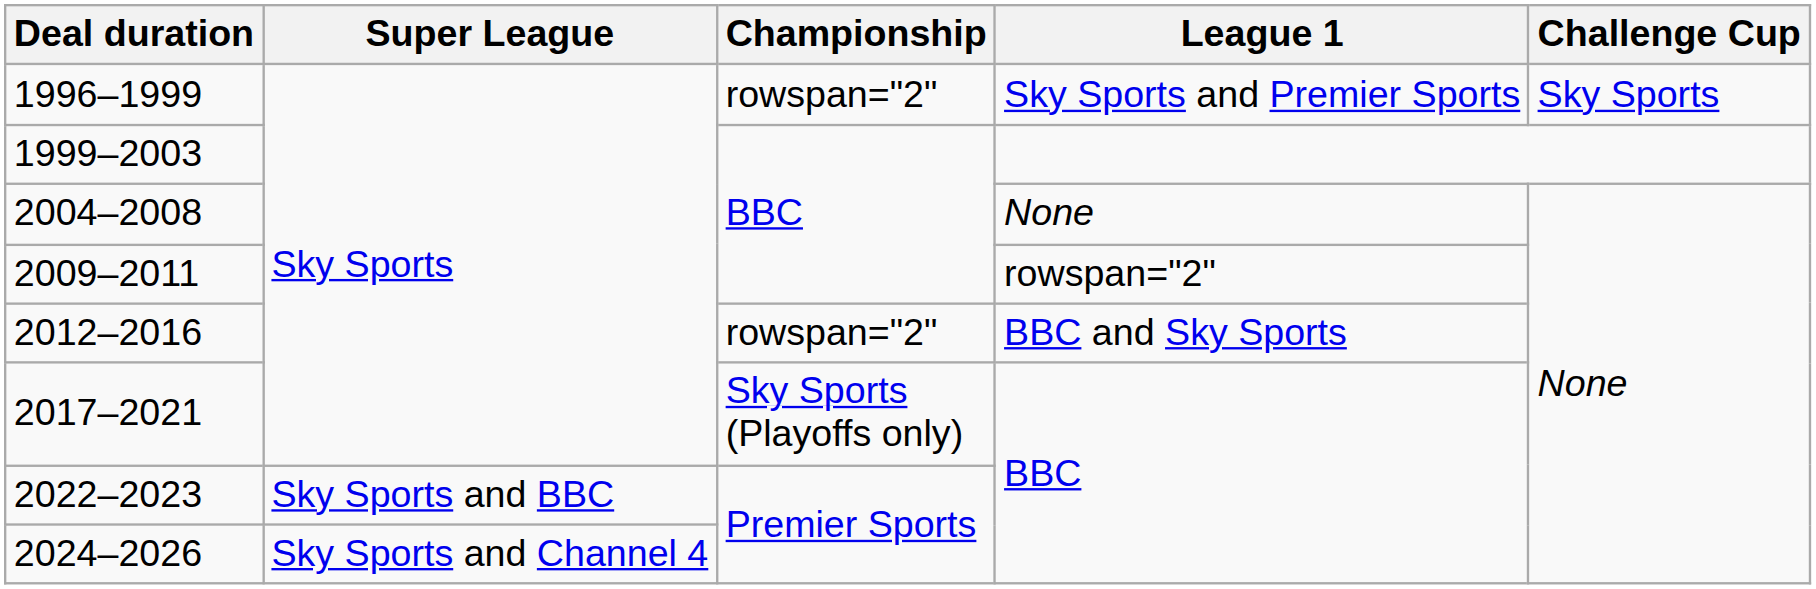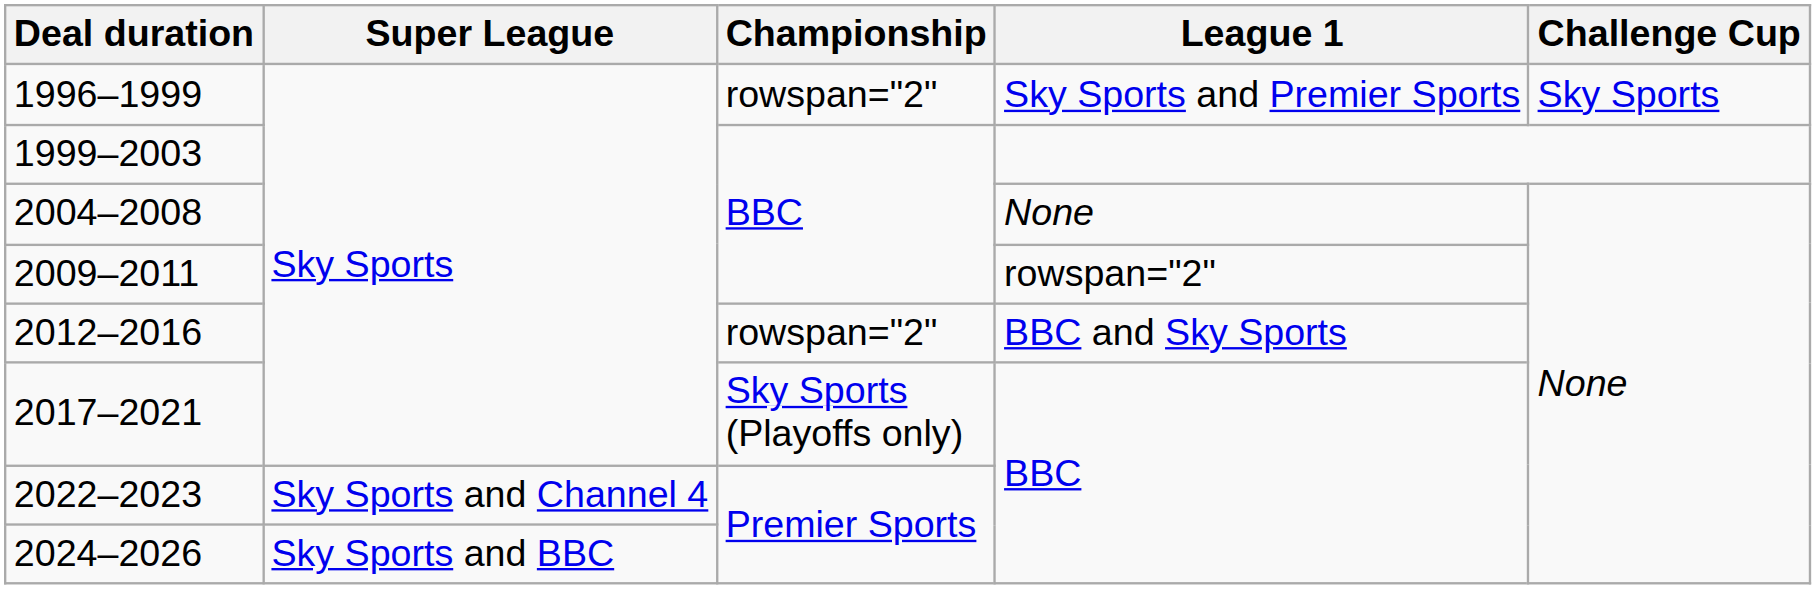 <table class="wikitable">
 <tr>
 <th>Deal duration</th>
 <th>Super League</th>
 <th>Championship</th>
 <th>League 1</th>
 <th>Challenge Cup</th>
 </tr>
 <tr>
 <td>1996–1999</td>
 <td rowspan="6"><a href='#'>Sky Sports</a></td>
 <td>rowspan="2" </td>
 <td><a href='#'>Sky Sports</a> and <a href='#'>Premier Sports</a></td>
 <td><a href='#'>Sky Sports</a></td>
 </tr>
 <tr>
 <td>1999–2003</td>
 <td rowspan="3"><a href='#'>BBC</a></td>
 </tr>
 <tr>
 <td>2004–2008</td>
 <td><em>None</em></td>
 <td rowspan="6"><em>None</em></td>
 </tr>
 <tr>
 <td>2009–2011</td>
 <td>rowspan="2" </td>
 </tr>
 <tr>
 <td>2012–2016</td>
 <td>rowspan="2" </td>
 <td><a href='#'>BBC</a> and <a href='#'>Sky Sports</a></td>
 </tr>
 <tr>
 <td>2017–2021</td>
 <td><a href='#'>Sky Sports</a><br>(Playoffs only)</td>
 <td rowspan="3"><a href='#'>BBC</a></td>
 </tr>
 <tr>
 <td>2022–2023</td>
-<td><a href='#'>Sky Sports</a> and <a href='#'>BBC</a></td>
+<td><a href='#'>Sky Sports</a> and <a href='#'>Channel 4</a></td>
 <td rowspan="2"><a href='#'>Premier Sports</a></td>
 </tr>
 <tr>
 <td>2024–2026</td>
-<td><a href='#'>Sky Sports</a> and <a href='#'>Channel 4</a></td>
+<td><a href='#'>Sky Sports</a> and <a href='#'>BBC</a></td>
 </tr>
 </table>
